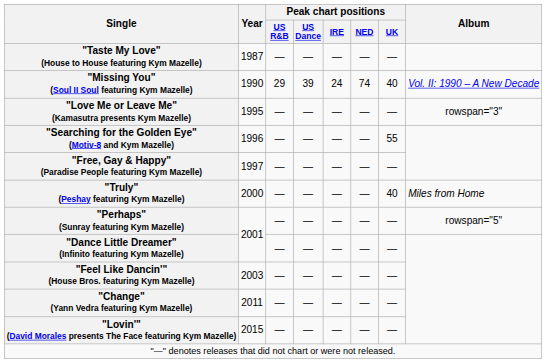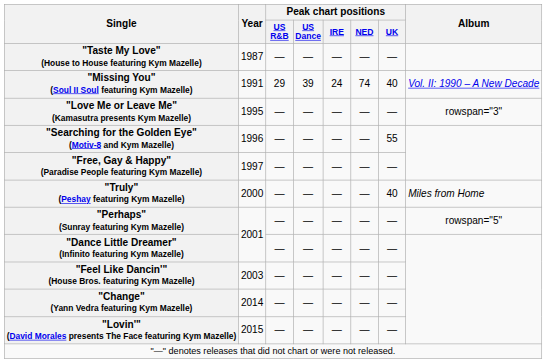 <table class="wikitable plainrowheaders" style="text-align:center;" border="1">
 <tr>
 <th rowspan="2">Single</th>
 <th rowspan="2">Year</th>
 <th colspan="5">Peak chart positions</th>
 <th rowspan="2">Album</th>
 </tr>
 <tr>
 <th scope="col" style="width:2.75em;font-size:85%;"><a href='#'>US<br>R&B</a><br></th>
 <th scope="col" style="width:2.75em;font-size:85%;"><a href='#'>US<br>Dance</a><br></th>
 <th scope="col" style="width:2.75em;font-size:85%;"><a href='#'>IRE</a><br></th>
 <th scope="col" style="width:2.75em;font-size:85%;"><a href='#'>NED</a><br></th>
 <th scope="col" style="width:2.75em;font-size:85%;"><a href='#'>UK</a><br></th>
 </tr>
 <tr>
 <th scope="row">"Taste My Love" <br><small>(House to House featuring Kym Mazelle)</small></th>
 <td>1987</td>
 <td>—</td>
 <td>—</td>
 <td>—</td>
 <td>—</td>
 <td>—</td>
 <td></td>
 </tr>
 <tr>
 <th scope="row">"Missing You" <br><small>(<a href='#'>Soul II Soul</a> featuring Kym Mazelle)</small></th>
-<td>1990</td>
+<td>1991</td>
 <td>29</td>
 <td>39</td>
 <td>24</td>
 <td>74</td>
 <td>40</td>
 <td align="left"><em><a href='#'>Vol. II: 1990 – A New Decade</a></em></td>
 </tr>
 <tr>
 <th scope="row">"Love Me or Leave Me" <br><small>(Kamasutra presents Kym Mazelle)</small></th>
 <td>1995</td>
 <td>—</td>
 <td>—</td>
 <td>—</td>
 <td>—</td>
 <td>—</td>
 <td>rowspan="3" </td>
 </tr>
 <tr>
 <th scope="row">"Searching for the Golden Eye" <br><small>(<a href='#'>Motiv-8</a> and Kym Mazelle)</small></th>
 <td rowspan="1">1996</td>
 <td>—</td>
 <td>—</td>
 <td>—</td>
 <td>—</td>
 <td>55</td>
 </tr>
 <tr>
 <th scope="row">"Free, Gay & Happy" <br><small>(Paradise People featuring Kym Mazelle)</small></th>
 <td>1997</td>
 <td>—</td>
 <td>—</td>
 <td>—</td>
 <td>—</td>
 <td>—</td>
 </tr>
 <tr>
 <th scope="row">"Truly" <br><small>(<a href='#'>Peshay</a> featuring Kym Mazelle)</small></th>
 <td>2000</td>
 <td>—</td>
 <td>—</td>
 <td>—</td>
 <td>—</td>
 <td>40</td>
 <td align="left"><em>Miles from Home</em></td>
 </tr>
 <tr>
 <th scope="row">"Perhaps" <br><small>(Sunray featuring Kym Mazelle)</small></th>
 <td rowspan="2">2001</td>
 <td>—</td>
 <td>—</td>
 <td>—</td>
 <td>—</td>
 <td>—</td>
 <td>rowspan="5" </td>
 </tr>
 <tr>
 <th scope="row">"Dance Little Dreamer" <br><small>(Infinito featuring Kym Mazelle)</small></th>
 <td>—</td>
 <td>—</td>
 <td>—</td>
 <td>—</td>
 <td>—</td>
 </tr>
 <tr>
 <th scope="row">"Feel Like Dancin'" <br><small>(House Bros. featuring Kym Mazelle)</small></th>
 <td>2003</td>
 <td>—</td>
 <td>—</td>
 <td>—</td>
 <td>—</td>
 <td>—</td>
 </tr>
 <tr>
 <th scope="row">"Change" <br><small>(Yann Vedra featuring Kym Mazelle)</small></th>
-<td>2011</td>
+<td>2014</td>
 <td>—</td>
 <td>—</td>
 <td>—</td>
 <td>—</td>
 <td>—</td>
 </tr>
 <tr>
 <th scope="row">"Lovin'" <br><small>(<a href='#'>David Morales</a> presents The Face featuring Kym Mazelle)</small></th>
 <td>2015</td>
 <td>—</td>
 <td>—</td>
 <td>—</td>
 <td>—</td>
 <td>—</td>
 </tr>
 <tr>
 <td colspan="18" style="font-size:90%">"—" denotes releases that did not chart or were not released.</td>
 </tr>
 </table>
